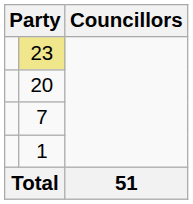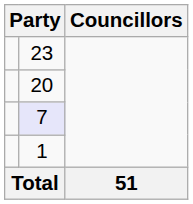 <table class="wikitable">
 <tr>
 <th colspan=2>Party</th>
 <th>Councillors</th>
 </tr>
 <tr>
 <td></td>
-<td align=center style="background: khaki;">23</td>
+<td align=center>23</td>
 </tr>
 <tr>
 <td></td>
 <td align=center>20</td>
 </tr>
 <tr>
 <td></td>
-<td align=center>7</td>
+<td align=center style="background: lavender;">7</td>
 </tr>
 <tr>
 <td></td>
 <td align=center>1</td>
 </tr>
 <tr>
 <th colspan=2>Total</th>
 <th align=center>51</th>
 </tr>
 </table>
